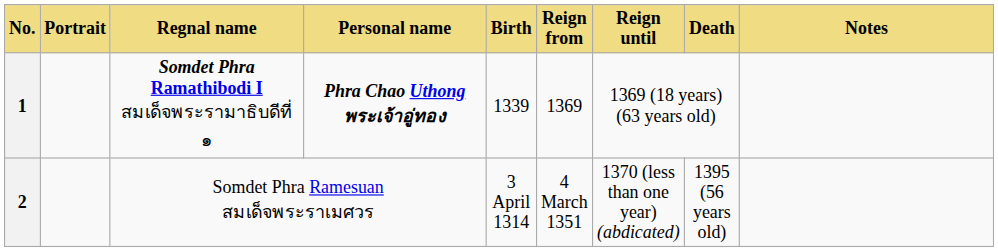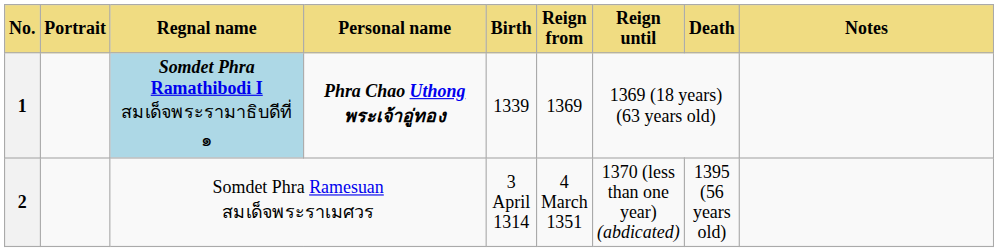 <table class="wikitable" style="text-align:center; width:100%;">
 <tr>
 <th style="background-color:#F0DC82" width=3%>No.</th>
 <th style="background-color:#F0DC82" width=1%>Portrait</th>
 <th style="background-color:#F0DC82" width=19%>Regnal name</th>
 <th style="background-color:#F0DC82" width=18%>Personal name</th>
 <th style="background-color:#F0DC82" width=4%>Birth</th>
 <th style="background-color:#F0DC82" width=4%>Reign from</th>
 <th style="background-color:#F0DC82" width=4%>Reign until</th>
 <th style="background-color:#F0DC82" width=4%>Death</th>
 <th style="background-color:#F0DC82" width=25%>Notes</th>
 </tr>
 <tr>
 <th align="center">1</th>
 <td></td>
-<td><strong><em>Somdet Phra</em></strong> <strong><a href='#'>Ramathibodi I</a></strong><br>สมเด็จพระรามาธิบดีที่ ๑</td>
+<td style="background: lightblue;"><strong><em>Somdet Phra</em></strong> <strong><a href='#'>Ramathibodi I</a></strong><br>สมเด็จพระรามาธิบดีที่ ๑</td>
 <td><strong><em>Phra Chao<em> <a href='#'>Uthong</a><strong><br>พระเจ้าอู่ทอง</td>
 <td>1339</td>
 <td>1369</td>
 <td colspan="2">1369 (18 years)<br>(63 years old)</td>
 <td></td>
 </tr>
 <tr>
 <th align="center">2</th>
 <td></td>
 <td colspan="2"></em></strong>Somdet Phra</em> <a href='#'>Ramesuan</a></strong><br>สมเด็จพระราเมศวร</td>
 <td>3 April 1314</td>
 <td>4 March 1351</td>
 <td>1370 (less than one year)<br><em>(abdicated)</em></td>
 <td>1395<br>(56 years old)</td>
 <td></td>
 </tr>
 </table>
